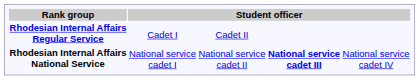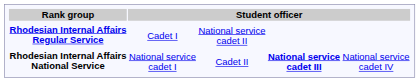 <table style="border:1px solid #8888aa; background-color:#f7f8ff; padding:5px; font-size:95%; margin: 0px 12px 12px 0px; text-align:center;">
 <tr bgcolor="#CCCCCC">
 <th>Rank group</th>
 <th colspan=4>Student officer</th>
 </tr>
 <tr>
 <td rowspan=2><strong>  <a href='#'>Rhodesian Internal Affairs<br>Regular Service</a></strong></td>
 <td></td>
 <td></td>
 </tr>
 <tr>
 <td><a href='#'>Cadet I</a></td>
-<td><a href='#'>Cadet II</a></td>
+<td><a href='#'>National service<br>cadet II</a></td>
 </tr>
 <tr>
 <td rowspan=2><strong> Rhodesian Internal Affairs<br>National Service</strong></td>
 <td></td>
 <td></td>
 <td></td>
 <td></td>
 </tr>
 <tr>
 <td><a href='#'>National service<br>cadet I</a></td>
-<td><a href='#'>National service<br>cadet II</a></td>
+<td><a href='#'>Cadet II</a></td>
 <td><strong><a href='#'>National service<br>cadet III</a></strong></td>
 <td><a href='#'>National service<br>cadet IV</a></td>
 </tr>
 </table>
